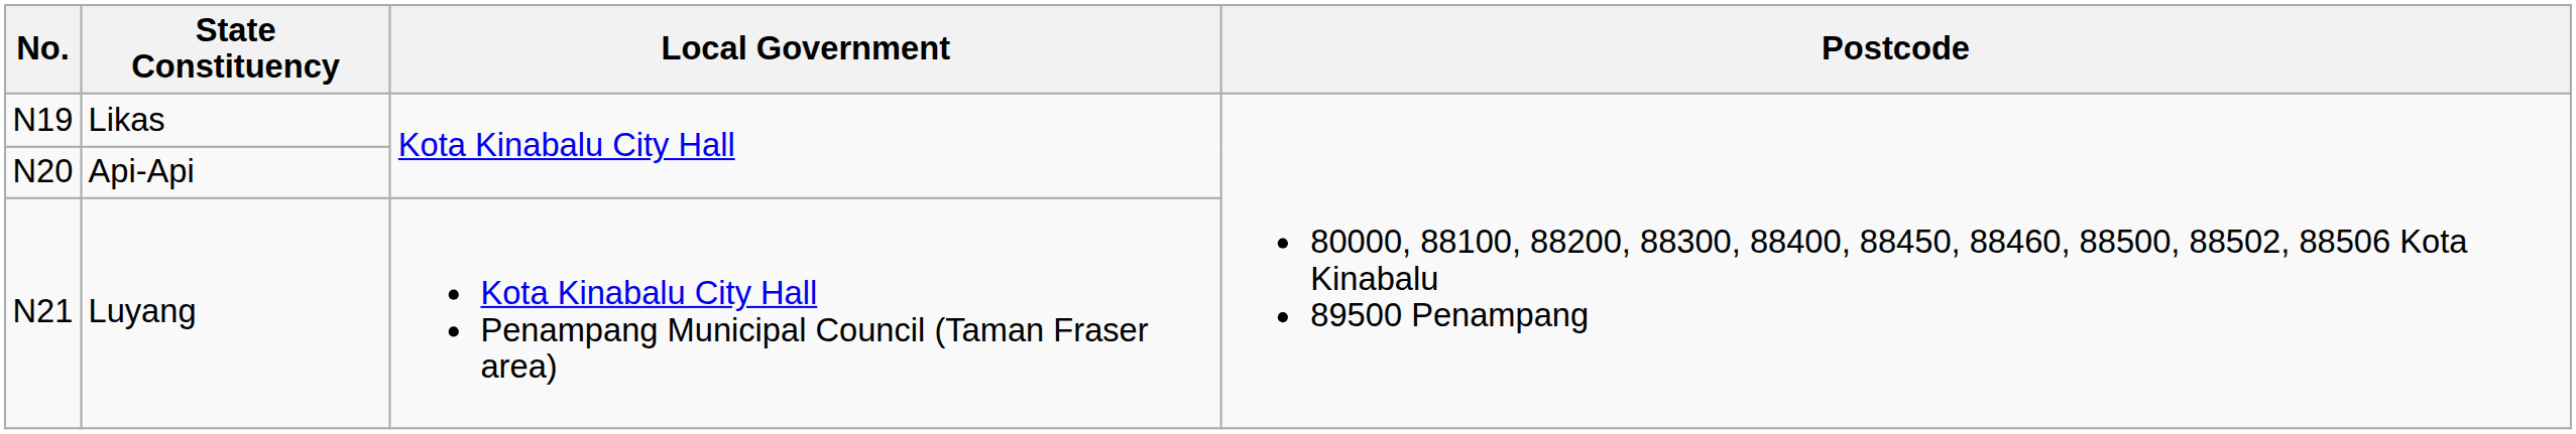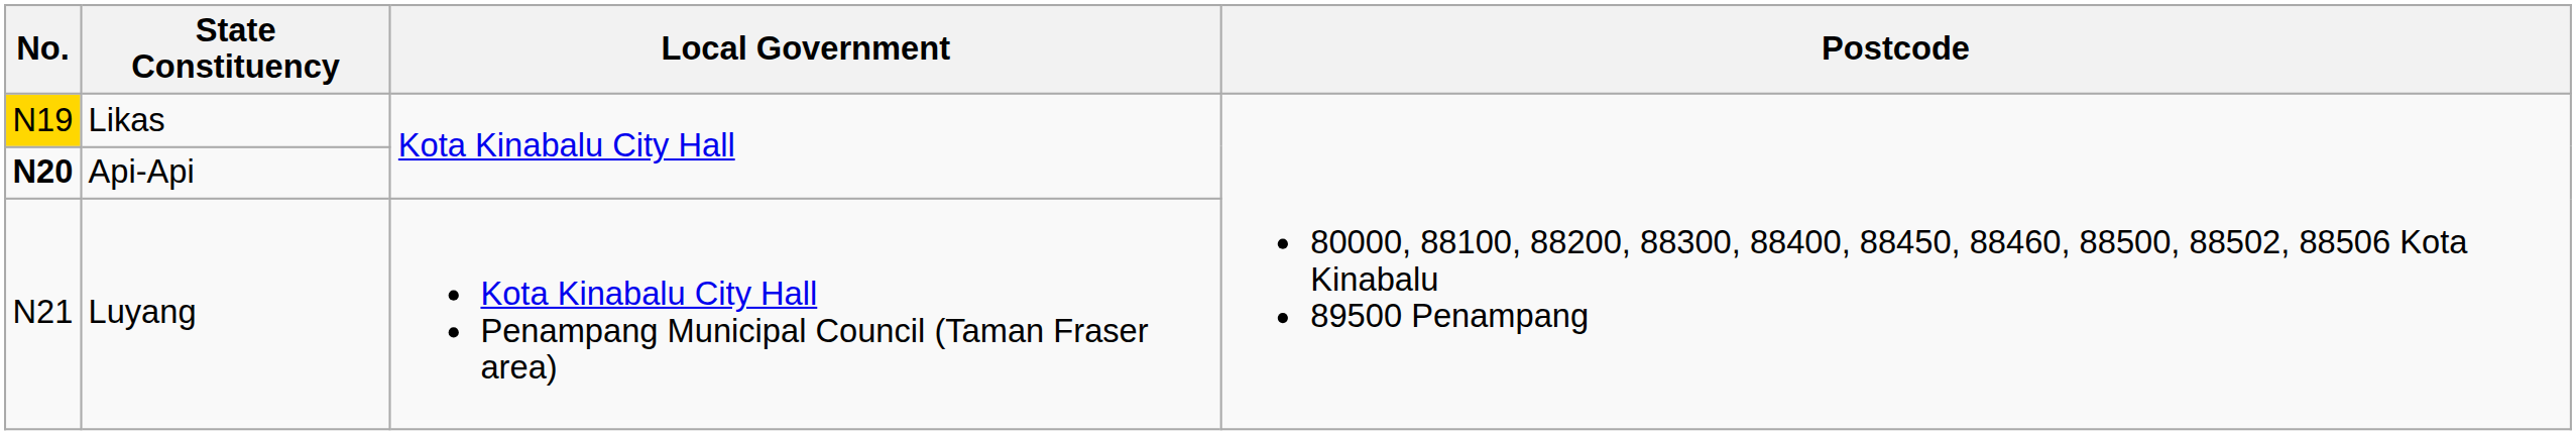 <table class="wikitable">
 <tr>
 <th>No.</th>
 <th>State Constituency</th>
 <th>Local Government</th>
 <th>Postcode</th>
 </tr>
 <tr>
-<td>N19</td>
+<td style="background: gold;">N19</td>
 <td>Likas</td>
 <td rowspan="2"><a href='#'>Kota Kinabalu City Hall</a></td>
 <td rowspan="3"><br><ul><li>80000, 88100, 88200, 88300, 88400, 88450, 88460, 88500, 88502, 88506 Kota Kinabalu</li><li>89500 Penampang</li></ul></td>
 </tr>
 <tr>
-<td>N20</td>
+<td><strong>N20</strong></td>
 <td>Api-Api</td>
 </tr>
 <tr>
 <td>N21</td>
 <td>Luyang</td>
 <td><br><ul><li><a href='#'>Kota Kinabalu City Hall</a></li><li>Penampang Municipal Council (Taman Fraser area)</li></ul></td>
 </tr>
 </table>
